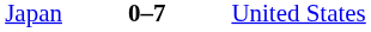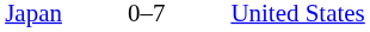 <table style="text-align:center">
 <tr>
 <th width=200></th>
 <th width=100></th>
 <th width=200></th>
 </tr>
 <tr>
 <td align=right><a href='#'>Japan</a> </td>
-<td><strong>0–7</strong></td>
+<td>0–7</td>
 <td align=left> <a href='#'>United States</a></td>
 </tr>
 <tr>
 </tr>
 </table>
